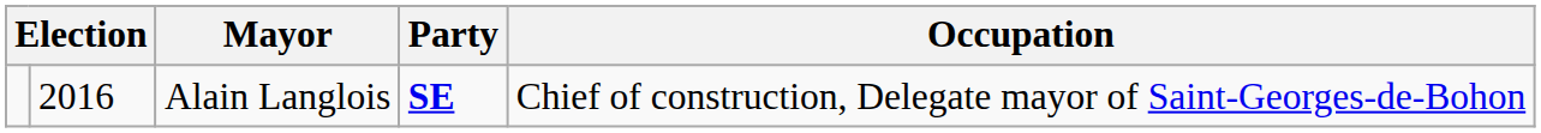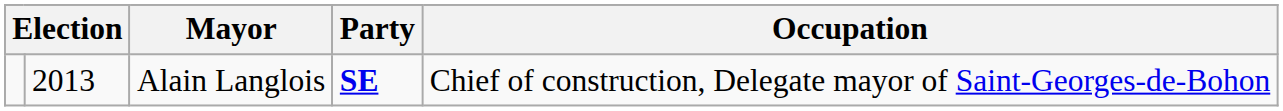 <table class="wikitable">
 <tr>
 <th colspan="2">Election</th>
 <th>Mayor</th>
 <th>Party</th>
 <th>Occupation</th>
 </tr>
 <tr>
 <td style="background-color: "></td>
-<td>2016</td>
+<td>2013</td>
 <td>Alain Langlois</td>
 <td><strong><a href='#'>SE</a></strong></td>
 <td>Chief of construction, Delegate mayor of <a href='#'>Saint-Georges-de-Bohon</a></td>
 </tr>
 </table>
